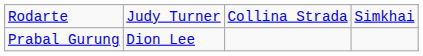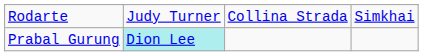 <table class="wikitable">
 <tr>
 <td><a href='#'>Rodarte</a></td>
 <td><a href='#'>Judy Turner</a></td>
 <td><a href='#'>Collina Strada</a></td>
 <td><a href='#'>Simkhai</a></td>
 </tr>
 <tr>
 <td><a href='#'>Prabal Gurung</a></td>
-<td><a href='#'>Dion Lee</a></td>
+<td style="background: paleturquoise;"><a href='#'>Dion Lee</a></td>
 <td></td>
 <td></td>
 </tr>
 </table>
